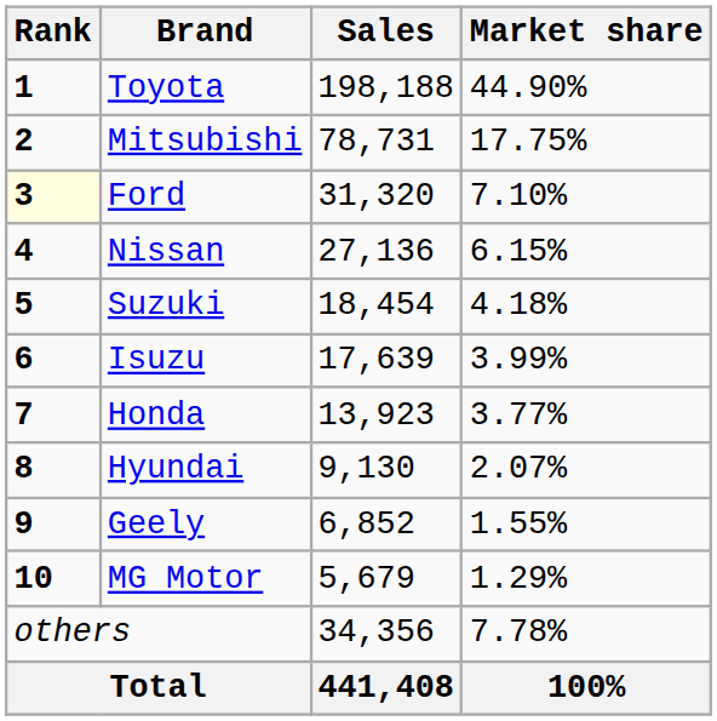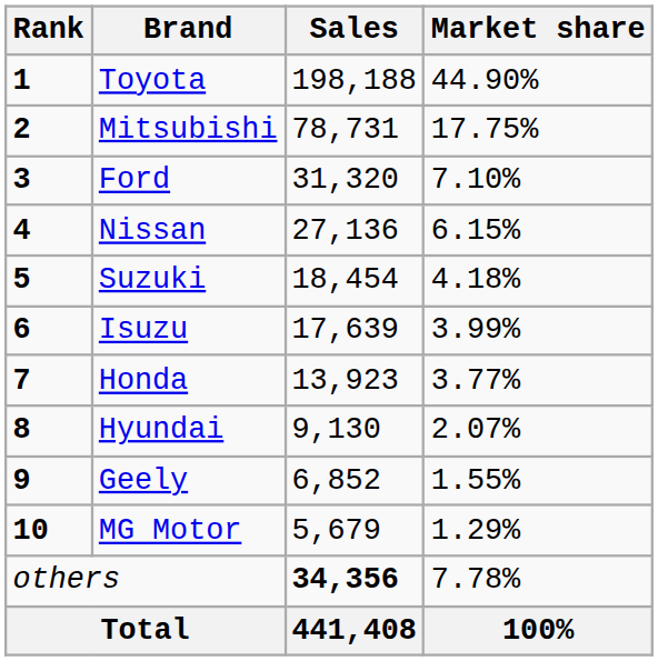 <table class="wikitable" align="left" style="text-align: left; font-size:90%;">
 <tr>
 <th>Rank</th>
 <th>Brand</th>
 <th>Sales</th>
 <th>Market share</th>
 </tr>
 <tr>
 <td><strong>1</strong></td>
 <td><a href='#'>Toyota</a></td>
 <td>198,188</td>
 <td>44.90%</td>
 </tr>
 <tr>
 <td><strong>2</strong></td>
 <td><a href='#'>Mitsubishi</a></td>
 <td>78,731</td>
 <td>17.75%</td>
 </tr>
 <tr>
-<td style="background: lightyellow;"><strong>3</strong></td>
+<td><strong>3</strong></td>
 <td><a href='#'>Ford</a></td>
 <td>31,320</td>
 <td>7.10%</td>
 </tr>
 <tr>
 <td><strong>4</strong></td>
 <td><a href='#'>Nissan</a></td>
 <td>27,136</td>
 <td>6.15%</td>
 </tr>
 <tr>
 <td><strong>5</strong></td>
 <td><a href='#'>Suzuki</a></td>
 <td>18,454</td>
 <td>4.18%</td>
 </tr>
 <tr>
 <td><strong>6</strong></td>
 <td><a href='#'>Isuzu</a></td>
 <td>17,639</td>
 <td>3.99%</td>
 </tr>
 <tr>
 <td><strong>7</strong></td>
 <td><a href='#'>Honda</a></td>
 <td>13,923</td>
 <td>3.77%</td>
 </tr>
 <tr>
 <td><strong>8</strong></td>
 <td><a href='#'>Hyundai</a></td>
 <td>9,130</td>
 <td>2.07%</td>
 </tr>
 <tr>
 <td><strong>9</strong></td>
 <td><a href='#'>Geely</a></td>
 <td>6,852</td>
 <td>1.55%</td>
 </tr>
 <tr>
 <td><strong>10</strong></td>
 <td><a href='#'>MG Motor</a></td>
 <td>5,679</td>
 <td>1.29%</td>
 </tr>
 <tr>
 <td colspan="2"><em>others</em></td>
-<td>34,356</td>
+<td><strong>34,356</strong></td>
 <td>7.78%</td>
 </tr>
 <tr>
 <th colspan="2">Total</th>
 <th>441,408</th>
 <th>100%</th>
 </tr>
 </table>
